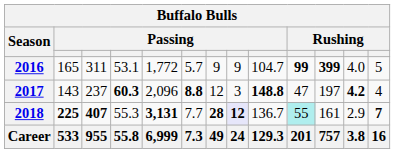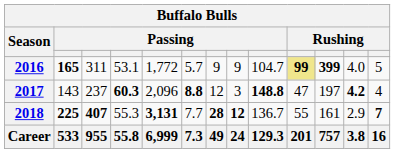 <table class="wikitable" style="text-align:center;">
 <tr>
 <th colspan="13"><strong>Buffalo Bulls</strong></th>
 </tr>
 <tr>
 <th rowspan="2">Season</th>
 <th colspan="8">Passing</th>
 <th colspan="4">Rushing</th>
 </tr>
 <tr>
 <th></th>
 <th></th>
 <th></th>
 <th></th>
 <th></th>
 <th></th>
 <th></th>
 <th></th>
 <th></th>
 <th></th>
 <th></th>
 <th></th>
 </tr>
 <tr>
 <th><a href='#'>2016</a></th>
-<td>165</td>
+<td><strong>165</strong></td>
 <td>311</td>
 <td>53.1</td>
 <td>1,772</td>
 <td>5.7</td>
 <td>9</td>
 <td>9</td>
 <td>104.7</td>
-<td><strong>99</strong></td>
+<td style="background: khaki;"><strong>99</strong></td>
 <td><strong>399</strong></td>
 <td>4.0</td>
 <td>5</td>
 </tr>
 <tr>
 <th><a href='#'>2017</a></th>
 <td>143</td>
 <td>237</td>
 <td><strong>60.3</strong></td>
 <td>2,096</td>
 <td><strong>8.8</strong></td>
 <td>12</td>
 <td>3</td>
 <td><strong>148.8</strong></td>
 <td>47</td>
 <td>197</td>
 <td><strong>4.2</strong></td>
 <td>4</td>
 </tr>
 <tr>
 <th><a href='#'>2018</a></th>
 <td><strong>225</strong></td>
 <td><strong>407</strong></td>
 <td>55.3</td>
 <td><strong>3,131</strong></td>
 <td>7.7</td>
 <td><strong>28</strong></td>
-<td style="background: lavender;"><strong>12</strong></td>
+<td><strong>12</strong></td>
 <td>136.7</td>
-<td style="background: paleturquoise;">55</td>
+<td>55</td>
 <td>161</td>
 <td>2.9</td>
 <td><strong>7</strong></td>
 </tr>
 <tr>
 <th>Career</th>
 <th>533</th>
 <th>955</th>
 <th>55.8</th>
 <th>6,999</th>
 <th>7.3</th>
 <th>49</th>
 <th>24</th>
 <th>129.3</th>
 <th>201</th>
 <th>757</th>
 <th>3.8</th>
 <th>16</th>
 </tr>
 </table>
